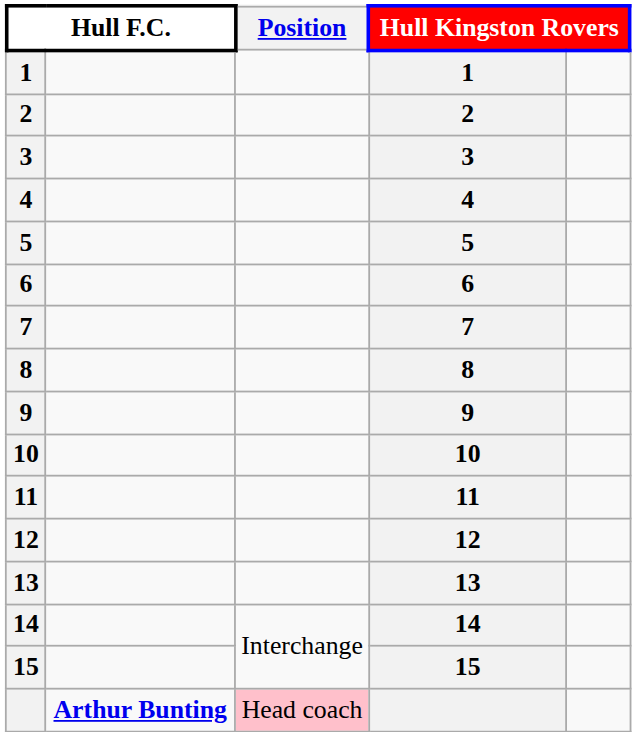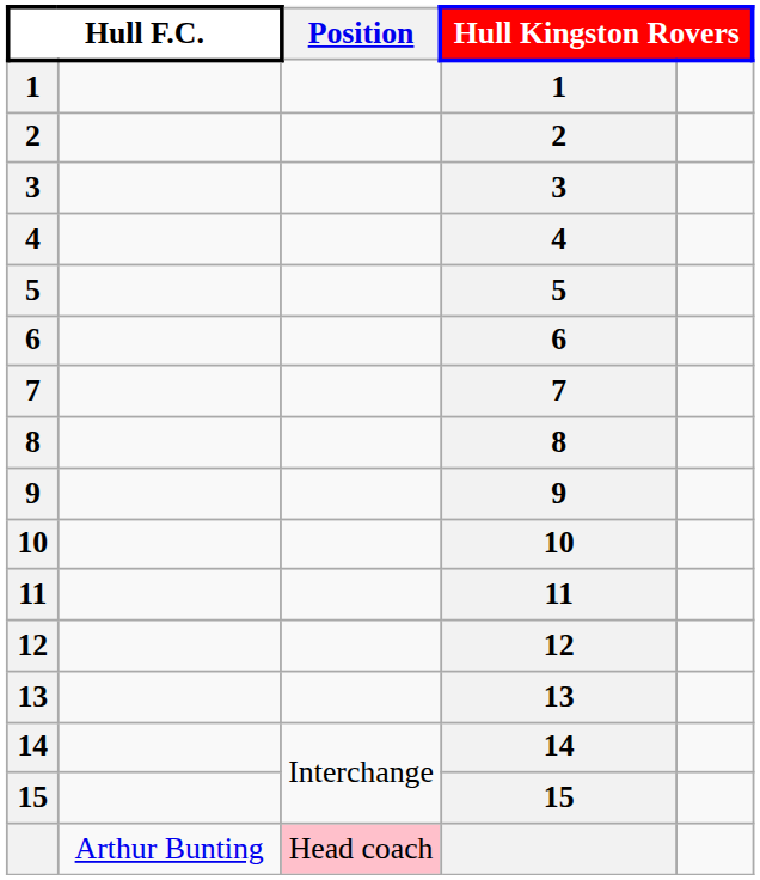 <table class="wikitable" style="font-size:90%; text-align:center;margin: 1em auto 1em auto;">
 <tr>
 <th colspan="2"  style="width:120px; background: white; color:black; border:2px solid black;"><strong>Hull F.C.</strong></th>
 <th><a href='#'>Position</a></th>
 <th colspan="2"  style="width:138px; background: red; color:white; border:2px solid blue;"><strong>Hull Kingston Rovers</strong></th>
 </tr>
 <tr>
 <th>1</th>
 <td> </td>
 <td></td>
 <th>1</th>
 <td></td>
 </tr>
 <tr>
 <th>2</th>
 <td></td>
 <td></td>
 <th>2</th>
 <td> </td>
 </tr>
 <tr>
 <th>3</th>
 <td></td>
 <td></td>
 <th>3</th>
 <td></td>
 </tr>
 <tr>
 <th>4</th>
 <td></td>
 <td></td>
 <th>4</th>
 <td> </td>
 </tr>
 <tr>
 <th>5</th>
 <td></td>
 <td></td>
 <th>5</th>
 <td></td>
 </tr>
 <tr>
 <th>6</th>
 <td></td>
 <td></td>
 <th>6</th>
 <td></td>
 </tr>
 <tr>
 <th>7</th>
 <td></td>
 <td></td>
 <th>7</th>
 <td></td>
 </tr>
 <tr>
 <th>8</th>
 <td></td>
 <td></td>
 <th>8</th>
 <td></td>
 </tr>
 <tr>
 <th>9</th>
 <td></td>
 <td></td>
 <th>9</th>
 <td></td>
 </tr>
 <tr>
 <th>10</th>
 <td></td>
 <td></td>
 <th>10</th>
 <td></td>
 </tr>
 <tr>
 <th>11</th>
 <td></td>
 <td></td>
 <th>11</th>
 <td></td>
 </tr>
 <tr>
 <th>12</th>
 <td></td>
 <td></td>
 <th>12</th>
 <td> </td>
 </tr>
 <tr>
 <th>13</th>
 <td></td>
 <td></td>
 <th>13</th>
 <td></td>
 </tr>
 <tr>
 <th>14</th>
 <td></td>
 <td rowspan="2">Interchange</td>
 <th>14</th>
 <td></td>
 </tr>
 <tr>
 <th>15</th>
 <td></td>
 <th>15</th>
 <td></td>
 </tr>
 <tr>
 <th></th>
-<td Nowrap><strong> <a href='#'>Arthur Bunting</a></strong></td>
+<td Nowrap> <a href='#'>Arthur Bunting</a></td>
 <td style="background: pink;">Head coach</td>
 <th></th>
 <td></td>
 </tr>
 </table>
